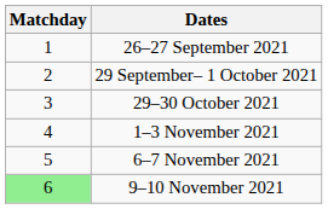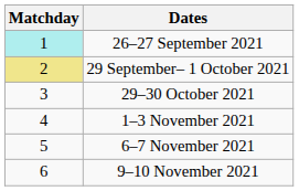 <table class="wikitable" style="text-align:center">
 <tr>
 <th>Matchday</th>
 <th>Dates</th>
 </tr>
 <tr>
-<td>1</td>
+<td style="background: paleturquoise;">1</td>
 <td colspan=2>26–27 September 2021</td>
 </tr>
 <tr>
-<td>2</td>
+<td style="background: khaki;">2</td>
 <td colspan=2>29 September– 1 October 2021</td>
 </tr>
 <tr>
 <td>3</td>
 <td colspan=2>29–30 October 2021</td>
 </tr>
 <tr>
 <td>4</td>
 <td colspan=2>1–3 November 2021</td>
 </tr>
 <tr>
 <td>5</td>
 <td colspan=2>6–7 November 2021</td>
 </tr>
 <tr>
-<td style="background: lightgreen;">6</td>
+<td>6</td>
 <td colspan=2>9–10 November 2021</td>
 </tr>
 </table>
